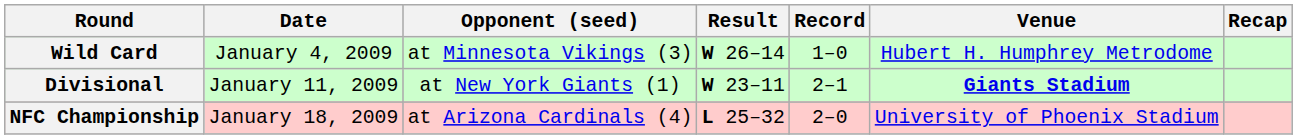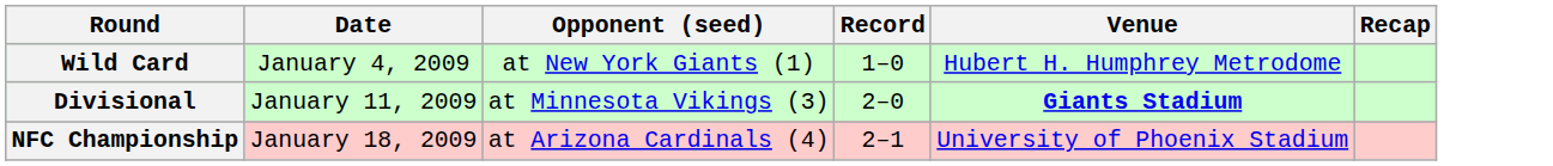 <table class="wikitable" style="text-align:center">
 <tr>
 <th>Round</th>
 <th>Date</th>
 <th>Opponent (seed)</th>
-<th>Result</th>
 <th>Record</th>
 <th>Venue</th>
 <th>Recap</th>
 </tr>
 <tr style="background:#cfc">
 <th>Wild Card</th>
 <td>January 4, 2009</td>
-<td>at <a href='#'>Minnesota Vikings</a> (3)</td>
-<td><strong>W</strong> 26–14</td>
+<td>at <a href='#'>New York Giants</a> (1)</td>
 <td>1–0</td>
 <td><a href='#'>Hubert H. Humphrey Metrodome</a></td>
 <td></td>
 </tr>
 <tr style="background:#cfc">
 <th>Divisional</th>
 <td>January 11, 2009</td>
-<td>at <a href='#'>New York Giants</a> (1)</td>
-<td><strong>W</strong> 23–11</td>
-<td>2–1</td>
+<td>at <a href='#'>Minnesota Vikings</a> (3)</td>
+<td>2–0</td>
 <td><strong><a href='#'>Giants Stadium</a></strong></td>
 <td></td>
 </tr>
 <tr style="background:#fcc">
 <th>NFC Championship</th>
 <td>January 18, 2009</td>
 <td>at <a href='#'>Arizona Cardinals</a> (4)</td>
-<td><strong>L</strong> 25–32</td>
-<td>2–0</td>
+<td>2–1</td>
 <td><a href='#'>University of Phoenix Stadium</a></td>
 <td></td>
 </tr>
 </table>
